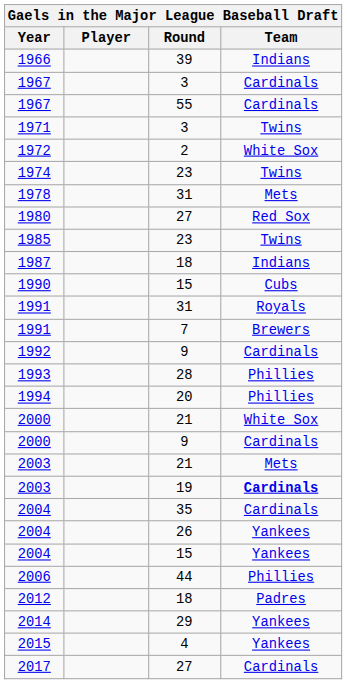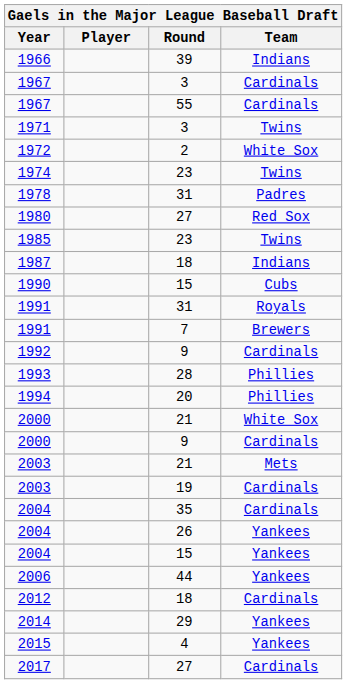 <table class="wikitable sortable collapsible collapsed" style="text-align:center">
 <tr>
 <th colspan=4>Gaels in the Major League Baseball Draft</th>
 </tr>
 <tr>
 <th>Year</th>
 <th>Player</th>
 <th>Round</th>
 <th>Team</th>
 </tr>
 <tr>
 <td><a href='#'>1966</a></td>
 <td></td>
 <td>39</td>
 <td><a href='#'>Indians</a></td>
 </tr>
 <tr>
 <td><a href='#'>1967</a></td>
 <td></td>
 <td>3</td>
 <td><a href='#'>Cardinals</a></td>
 </tr>
 <tr>
 <td><a href='#'>1967</a></td>
 <td></td>
 <td>55</td>
 <td><a href='#'>Cardinals</a></td>
 </tr>
 <tr>
 <td><a href='#'>1971</a></td>
 <td></td>
 <td>3</td>
 <td><a href='#'>Twins</a></td>
 </tr>
 <tr>
 <td><a href='#'>1972</a></td>
 <td></td>
 <td>2</td>
 <td><a href='#'>White Sox</a></td>
 </tr>
 <tr>
 <td><a href='#'>1974</a></td>
 <td></td>
 <td>23</td>
 <td><a href='#'>Twins</a></td>
 </tr>
 <tr>
 <td><a href='#'>1978</a></td>
 <td></td>
 <td>31</td>
-<td><a href='#'>Mets</a></td>
+<td><a href='#'>Padres</a></td>
 </tr>
 <tr>
 <td><a href='#'>1980</a></td>
 <td></td>
 <td>27</td>
 <td><a href='#'>Red Sox</a></td>
 </tr>
 <tr>
 <td><a href='#'>1985</a></td>
 <td></td>
 <td>23</td>
 <td><a href='#'>Twins</a></td>
 </tr>
 <tr>
 <td><a href='#'>1987</a></td>
 <td></td>
 <td>18</td>
 <td><a href='#'>Indians</a></td>
 </tr>
 <tr>
 <td><a href='#'>1990</a></td>
 <td></td>
 <td>15</td>
 <td><a href='#'>Cubs</a></td>
 </tr>
 <tr>
 <td><a href='#'>1991</a></td>
 <td></td>
 <td>31</td>
 <td><a href='#'>Royals</a></td>
 </tr>
 <tr>
 <td><a href='#'>1991</a></td>
 <td></td>
 <td>7</td>
 <td><a href='#'>Brewers</a></td>
 </tr>
 <tr>
 <td><a href='#'>1992</a></td>
 <td></td>
 <td>9</td>
 <td><a href='#'>Cardinals</a></td>
 </tr>
 <tr>
 <td><a href='#'>1993</a></td>
 <td></td>
 <td>28</td>
 <td><a href='#'>Phillies</a></td>
 </tr>
 <tr>
 <td><a href='#'>1994</a></td>
 <td></td>
 <td>20</td>
 <td><a href='#'>Phillies</a></td>
 </tr>
 <tr>
 <td><a href='#'>2000</a></td>
 <td></td>
 <td>21</td>
 <td><a href='#'>White Sox</a></td>
 </tr>
 <tr>
 <td><a href='#'>2000</a></td>
 <td></td>
 <td>9</td>
 <td><a href='#'>Cardinals</a></td>
 </tr>
 <tr>
 <td><a href='#'>2003</a></td>
 <td></td>
 <td>21</td>
 <td><a href='#'>Mets</a></td>
 </tr>
 <tr>
 <td><a href='#'>2003</a></td>
 <td></td>
 <td>19</td>
-<td><strong><a href='#'>Cardinals</a></strong></td>
+<td><a href='#'>Cardinals</a></td>
 </tr>
 <tr>
 <td><a href='#'>2004</a></td>
 <td></td>
 <td>35</td>
 <td><a href='#'>Cardinals</a></td>
 </tr>
 <tr>
 <td><a href='#'>2004</a></td>
 <td></td>
 <td>26</td>
 <td><a href='#'>Yankees</a></td>
 </tr>
 <tr>
 <td><a href='#'>2004</a></td>
 <td></td>
 <td>15</td>
 <td><a href='#'>Yankees</a></td>
 </tr>
 <tr>
 <td><a href='#'>2006</a></td>
 <td></td>
 <td>44</td>
-<td><a href='#'>Phillies</a></td>
+<td><a href='#'>Yankees</a></td>
 </tr>
 <tr>
 <td><a href='#'>2012</a></td>
 <td></td>
 <td>18</td>
-<td><a href='#'>Padres</a></td>
+<td><a href='#'>Cardinals</a></td>
 </tr>
 <tr>
 <td><a href='#'>2014</a></td>
 <td></td>
 <td>29</td>
 <td><a href='#'>Yankees</a></td>
 </tr>
 <tr>
 <td><a href='#'>2015</a></td>
 <td></td>
 <td>4</td>
 <td><a href='#'>Yankees</a></td>
 </tr>
 <tr>
 <td><a href='#'>2017</a></td>
 <td></td>
 <td>27</td>
 <td><a href='#'>Cardinals</a></td>
 </tr>
 </table>
